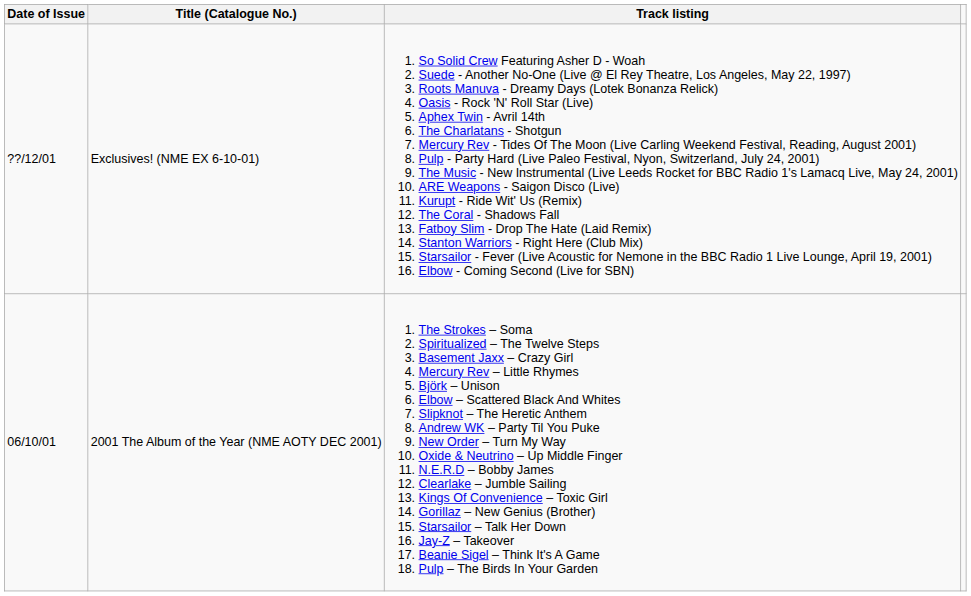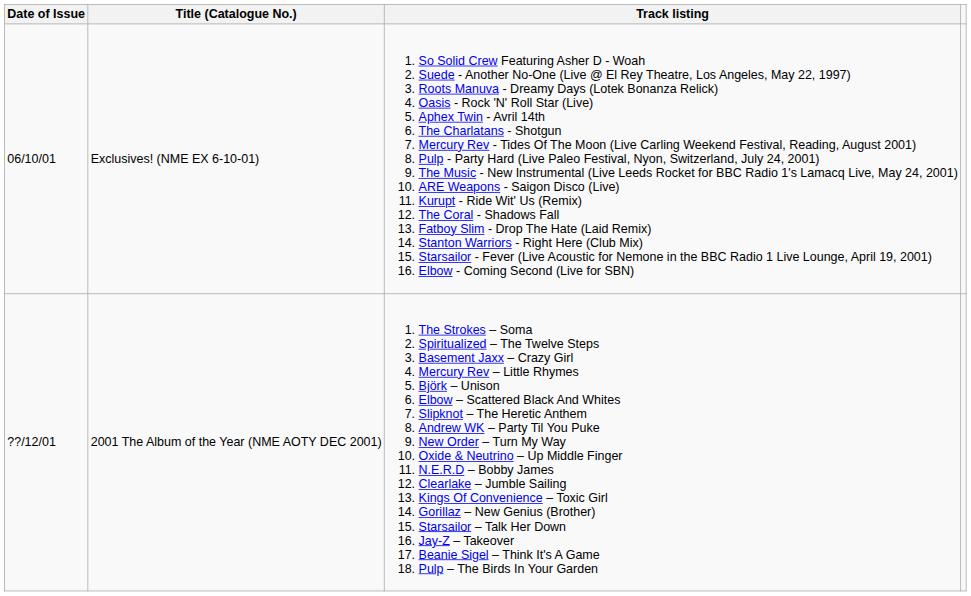 <table class="wikitable">
 <tr>
 <th>Date of Issue</th>
 <th>Title (Catalogue No.)</th>
 <th>Track listing</th>
 </tr>
 <tr>
-<td>??/12/01</td>
+<td>06/10/01</td>
 <td>Exclusives! (NME EX 6-10-01)</td>
 <td><br><ol><li><a href='#'>So Solid Crew</a> Featuring Asher D - Woah</li><li><a href='#'>Suede</a> - Another No-One (Live @ El Rey Theatre, Los Angeles, May 22, 1997)</li><li><a href='#'>Roots Manuva</a> - Dreamy Days (Lotek Bonanza Relick)</li><li><a href='#'>Oasis</a> - Rock 'N' Roll Star (Live)</li><li><a href='#'>Aphex Twin</a> - Avril 14th</li><li><a href='#'>The Charlatans</a> - Shotgun</li><li><a href='#'>Mercury Rev</a> - Tides Of The Moon (Live Carling Weekend Festival, Reading, August 2001)</li><li><a href='#'>Pulp</a> - Party Hard (Live Paleo Festival, Nyon, Switzerland, July 24, 2001)</li><li><a href='#'>The Music</a> - New Instrumental (Live Leeds Rocket for BBC Radio 1's Lamacq Live, May 24, 2001)</li><li><a href='#'>ARE Weapons</a> - Saigon Disco (Live)</li><li><a href='#'>Kurupt</a> - Ride Wit' Us (Remix)</li><li><a href='#'>The Coral</a> - Shadows Fall</li><li><a href='#'>Fatboy Slim</a> - Drop The Hate (Laid Remix)</li><li><a href='#'>Stanton Warriors</a> - Right Here (Club Mix)</li><li><a href='#'>Starsailor</a> - Fever (Live Acoustic for Nemone in the BBC Radio 1 Live Lounge, April 19, 2001)</li><li><a href='#'>Elbow</a> - Coming Second (Live for SBN)</li></ol></td>
 <td></td>
 </tr>
 <tr>
-<td>06/10/01</td>
+<td>??/12/01</td>
 <td>2001 The Album of the Year (NME AOTY DEC 2001)</td>
 <td><br><ol><li><a href='#'>The Strokes</a> – Soma</li><li><a href='#'>Spiritualized</a> – The Twelve Steps</li><li><a href='#'>Basement Jaxx</a> – Crazy Girl</li><li><a href='#'>Mercury Rev</a> – Little Rhymes</li><li><a href='#'>Björk</a> – Unison</li><li><a href='#'>Elbow</a> – Scattered Black And Whites</li><li><a href='#'>Slipknot</a> – The Heretic Anthem</li><li><a href='#'>Andrew WK</a> – Party Til You Puke</li><li><a href='#'>New Order</a> – Turn My Way</li><li><a href='#'>Oxide & Neutrino</a> – Up Middle Finger</li><li><a href='#'>N.E.R.D</a> – Bobby James</li><li><a href='#'>Clearlake</a> – Jumble Sailing</li><li><a href='#'>Kings Of Convenience</a> – Toxic Girl</li><li><a href='#'>Gorillaz</a> – New Genius (Brother)</li><li><a href='#'>Starsailor</a> – Talk Her Down</li><li><a href='#'>Jay-Z</a> – Takeover</li><li><a href='#'>Beanie Sigel</a> – Think It's A Game</li><li><a href='#'>Pulp</a> – The Birds In Your Garden</li></ol></td>
 </tr>
 </table>
